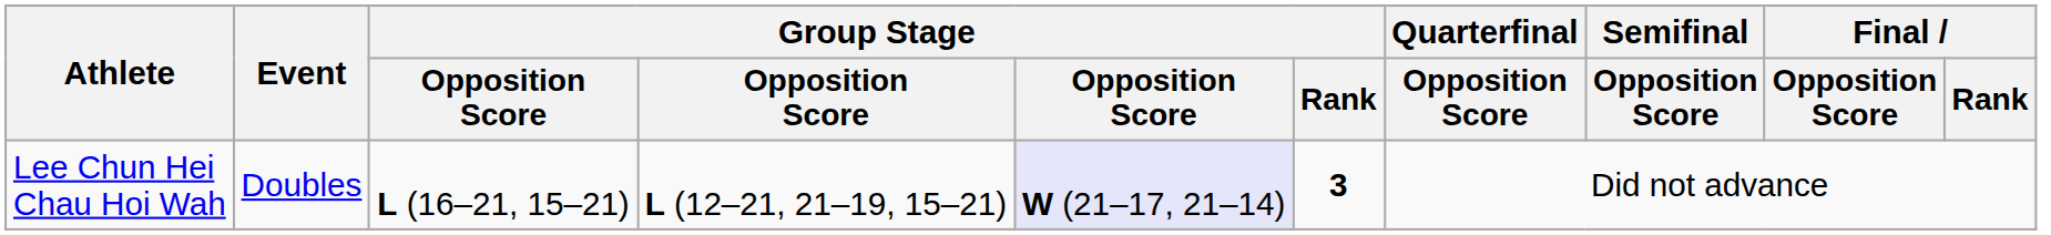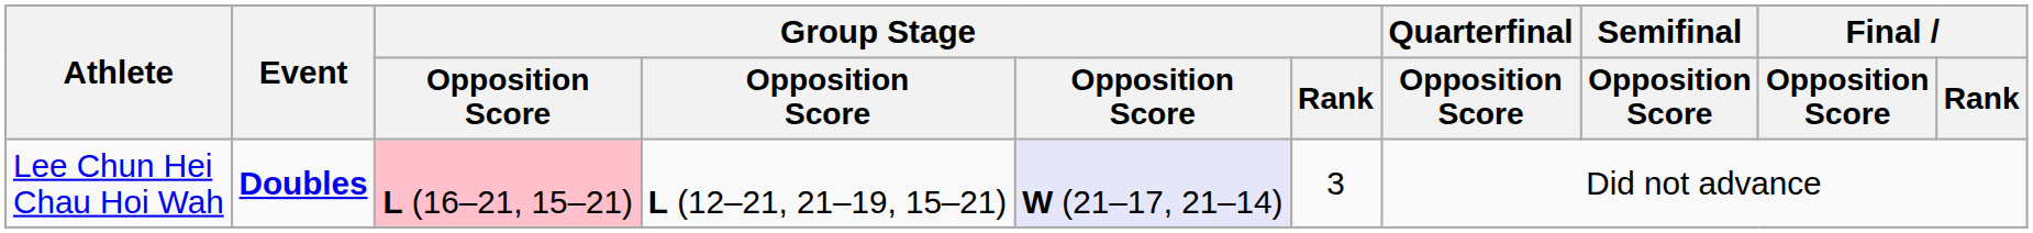 <table class="wikitable" style="font-size:90%">
 <tr>
 <th rowspan=2>Athlete</th>
 <th rowspan=2>Event</th>
 <th colspan=4>Group Stage</th>
 <th>Quarterfinal</th>
 <th>Semifinal</th>
 <th colspan=2>Final / </th>
 </tr>
 <tr style="font-size:95%">
 <th>Opposition<br>Score</th>
 <th>Opposition<br>Score</th>
 <th>Opposition<br>Score</th>
 <th>Rank</th>
 <th>Opposition<br>Score</th>
 <th>Opposition<br>Score</th>
 <th>Opposition<br>Score</th>
 <th>Rank</th>
 </tr>
 <tr align=center>
 <td align=left><a href='#'>Lee Chun Hei</a><br><a href='#'>Chau Hoi Wah</a></td>
-<td align=left><a href='#'>Doubles</a></td>
-<td><br><strong>L</strong> (16–21, 15–21)</td>
+<td align=left><strong><a href='#'>Doubles</a></strong></td>
+<td style="background: pink;"><br><strong>L</strong> (16–21, 15–21)</td>
 <td><br><strong>L</strong> (12–21, 21–19, 15–21)</td>
 <td style="background: lavender;"><br><strong>W</strong> (21–17, 21–14)</td>
-<td><strong>3</strong></td>
+<td>3</td>
 <td colspan=4>Did not advance</td>
 </tr>
 </table>
